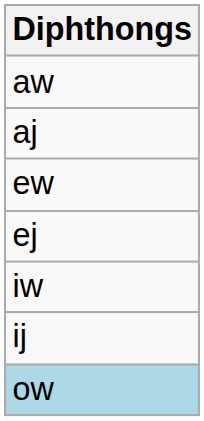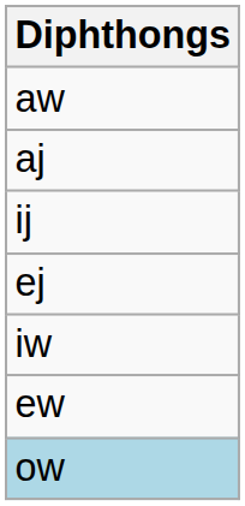 <table class="wikitable">
 <tr>
 <th>Diphthongs</th>
 </tr>
 <tr>
 <td>aw</td>
 </tr>
 <tr>
 <td>aj</td>
 </tr>
 <tr>
-<td>ew</td>
+<td>ij</td>
 </tr>
 <tr>
 <td>ej</td>
 </tr>
 <tr>
 <td>iw</td>
 </tr>
 <tr>
-<td>ij</td>
+<td>ew</td>
 </tr>
 <tr>
 <td style="background: lightblue;">ow</td>
 </tr>
 </table>
